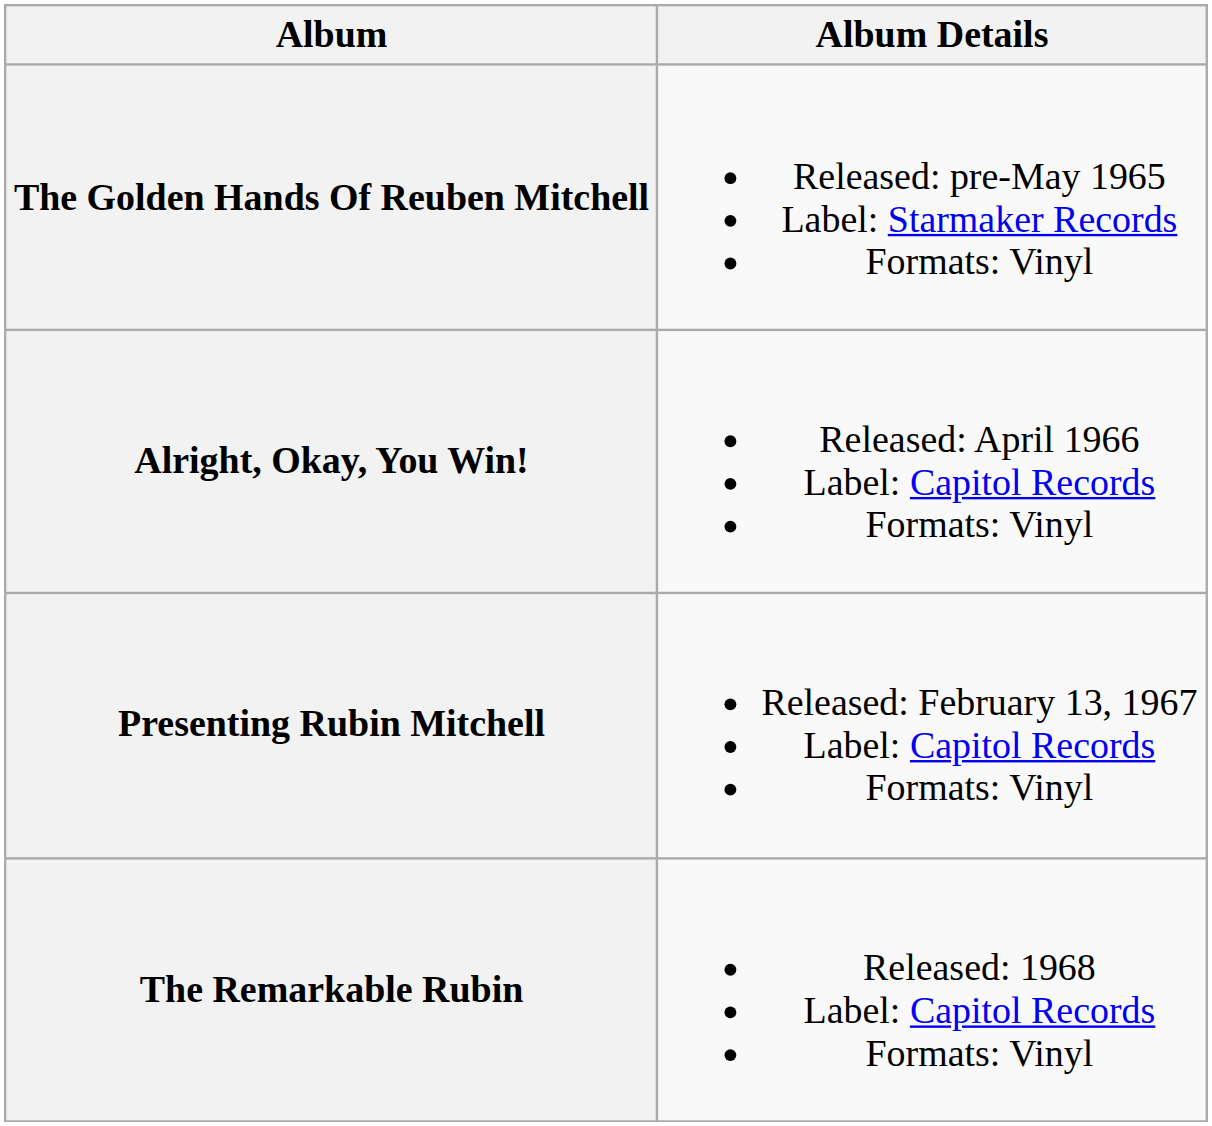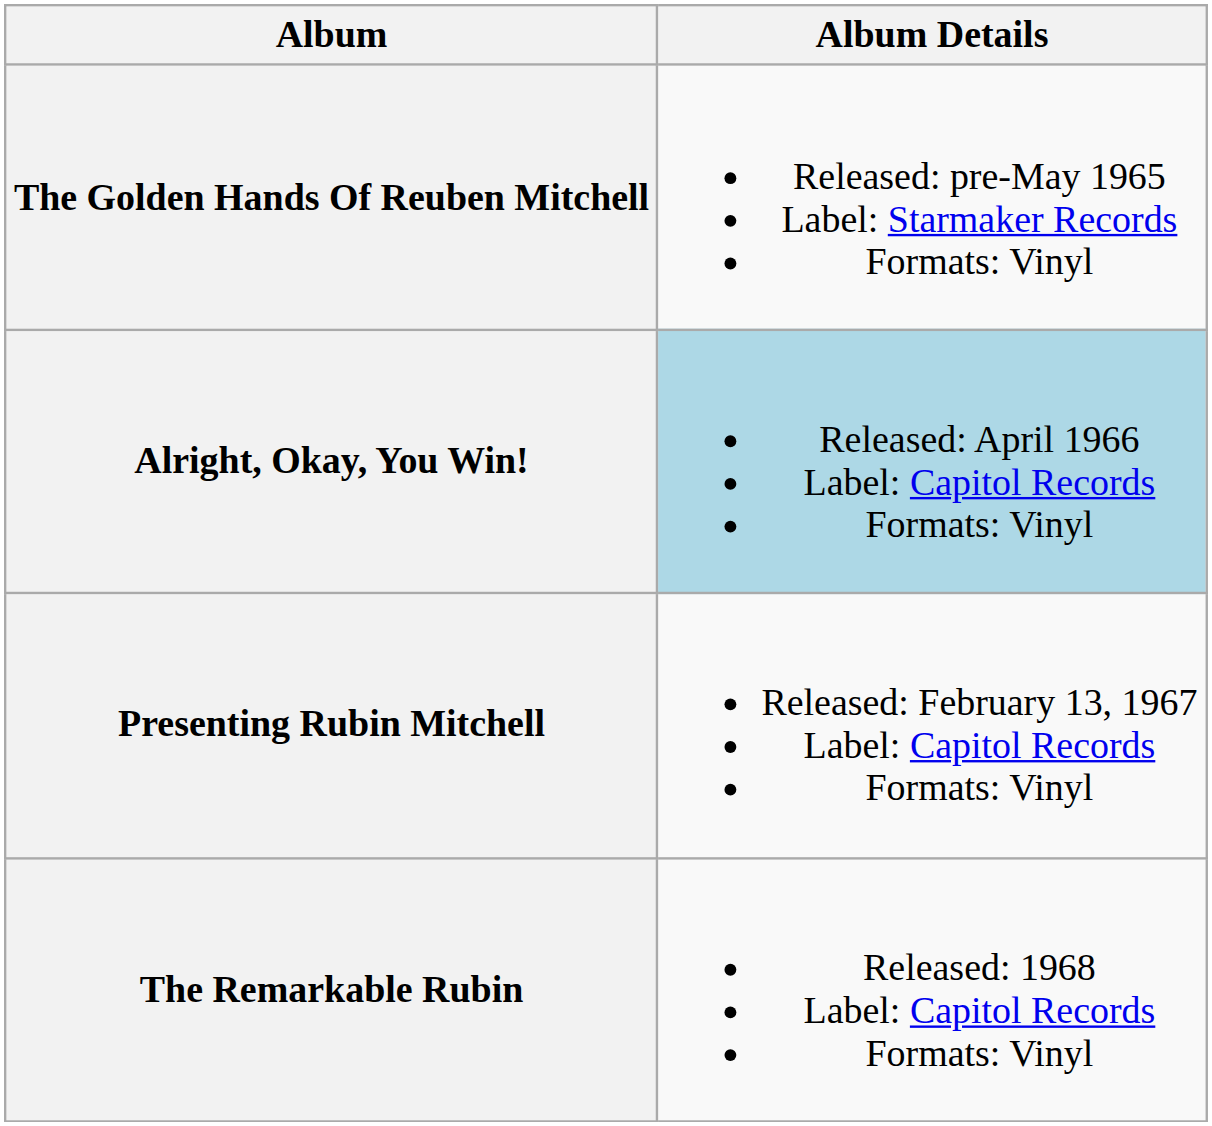 <table class="wikitable plainrowheaders" style="text-align:center;">
 <tr>
 <th scope="col">Album</th>
 <th scope="col">Album Details</th>
 </tr>
 <tr>
 <th scope="row">The Golden Hands Of Reuben Mitchell</th>
 <td><br><ul><li>Released: pre-May 1965</li><li>Label: <a href='#'>Starmaker Records</a></li><li>Formats: Vinyl</li></ul></td>
 </tr>
 <tr>
 <th scope="row">Alright, Okay, You Win!</th>
-<td><br><ul><li>Released: April 1966</li><li>Label: <a href='#'>Capitol Records</a></li><li>Formats: Vinyl</li></ul></td>
+<td style="background: lightblue;"><br><ul><li>Released: April 1966</li><li>Label: <a href='#'>Capitol Records</a></li><li>Formats: Vinyl</li></ul></td>
 </tr>
 <tr>
 <th scope="row">Presenting Rubin Mitchell</th>
 <td><br><ul><li>Released: February 13, 1967</li><li>Label: <a href='#'>Capitol Records</a></li><li>Formats: Vinyl</li></ul></td>
 </tr>
 <tr>
 <th scope="row">The Remarkable Rubin</th>
 <td><br><ul><li>Released: 1968</li><li>Label: <a href='#'>Capitol Records</a></li><li>Formats: Vinyl</li></ul></td>
 </tr>
 </table>
